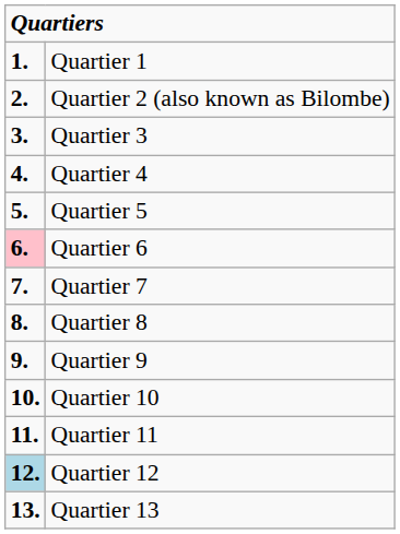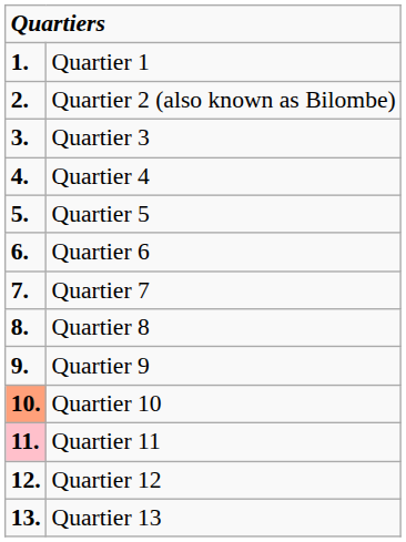 <table class="wikitable">
 <tr>
 <td colspan="2"><strong><em>Quartiers</em></strong></td>
 </tr>
 <tr>
 <td><strong>1.</strong></td>
 <td>Quartier 1</td>
 </tr>
 <tr>
 <td><strong>2.</strong></td>
 <td>Quartier 2 (also known as Bilombe)</td>
 </tr>
 <tr>
 <td><strong>3.</strong></td>
 <td>Quartier 3</td>
 </tr>
 <tr>
 <td><strong>4.</strong></td>
 <td>Quartier 4</td>
 </tr>
 <tr>
 <td><strong>5.</strong></td>
 <td>Quartier 5</td>
 </tr>
 <tr>
-<td style="background: pink;"><strong>6.</strong></td>
+<td><strong>6.</strong></td>
 <td>Quartier 6</td>
 </tr>
 <tr>
 <td><strong>7.</strong></td>
 <td>Quartier 7</td>
 </tr>
 <tr>
 <td><strong>8.</strong></td>
 <td>Quartier 8</td>
 </tr>
 <tr>
 <td><strong>9.</strong></td>
 <td>Quartier 9</td>
 </tr>
 <tr>
-<td><strong>10.</strong></td>
+<td style="background: lightsalmon;"><strong>10.</strong></td>
 <td>Quartier 10</td>
 </tr>
 <tr>
-<td><strong>11.</strong></td>
+<td style="background: pink;"><strong>11.</strong></td>
 <td>Quartier 11</td>
 </tr>
 <tr>
-<td style="background: lightblue;"><strong>12.</strong></td>
+<td><strong>12.</strong></td>
 <td>Quartier 12</td>
 </tr>
 <tr>
 <td><strong>13.</strong></td>
 <td>Quartier 13</td>
 </tr>
 </table>
